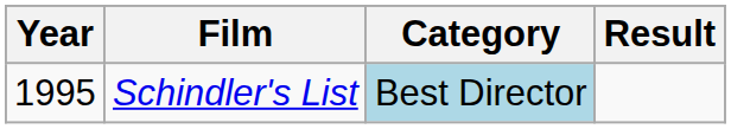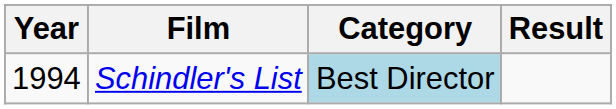 <table class="wikitable">
 <tr>
 <th>Year</th>
 <th>Film</th>
 <th>Category</th>
 <th>Result</th>
 </tr>
 <tr>
-<td style="text-align:center;">1995</td>
+<td style="text-align:center;">1994</td>
 <td style="text-align:center;"><em><a href='#'>Schindler's List</a></em></td>
 <td style="background: lightblue; text-align:center;">Best Director</td>
 <td></td>
 </tr>
 </table>
